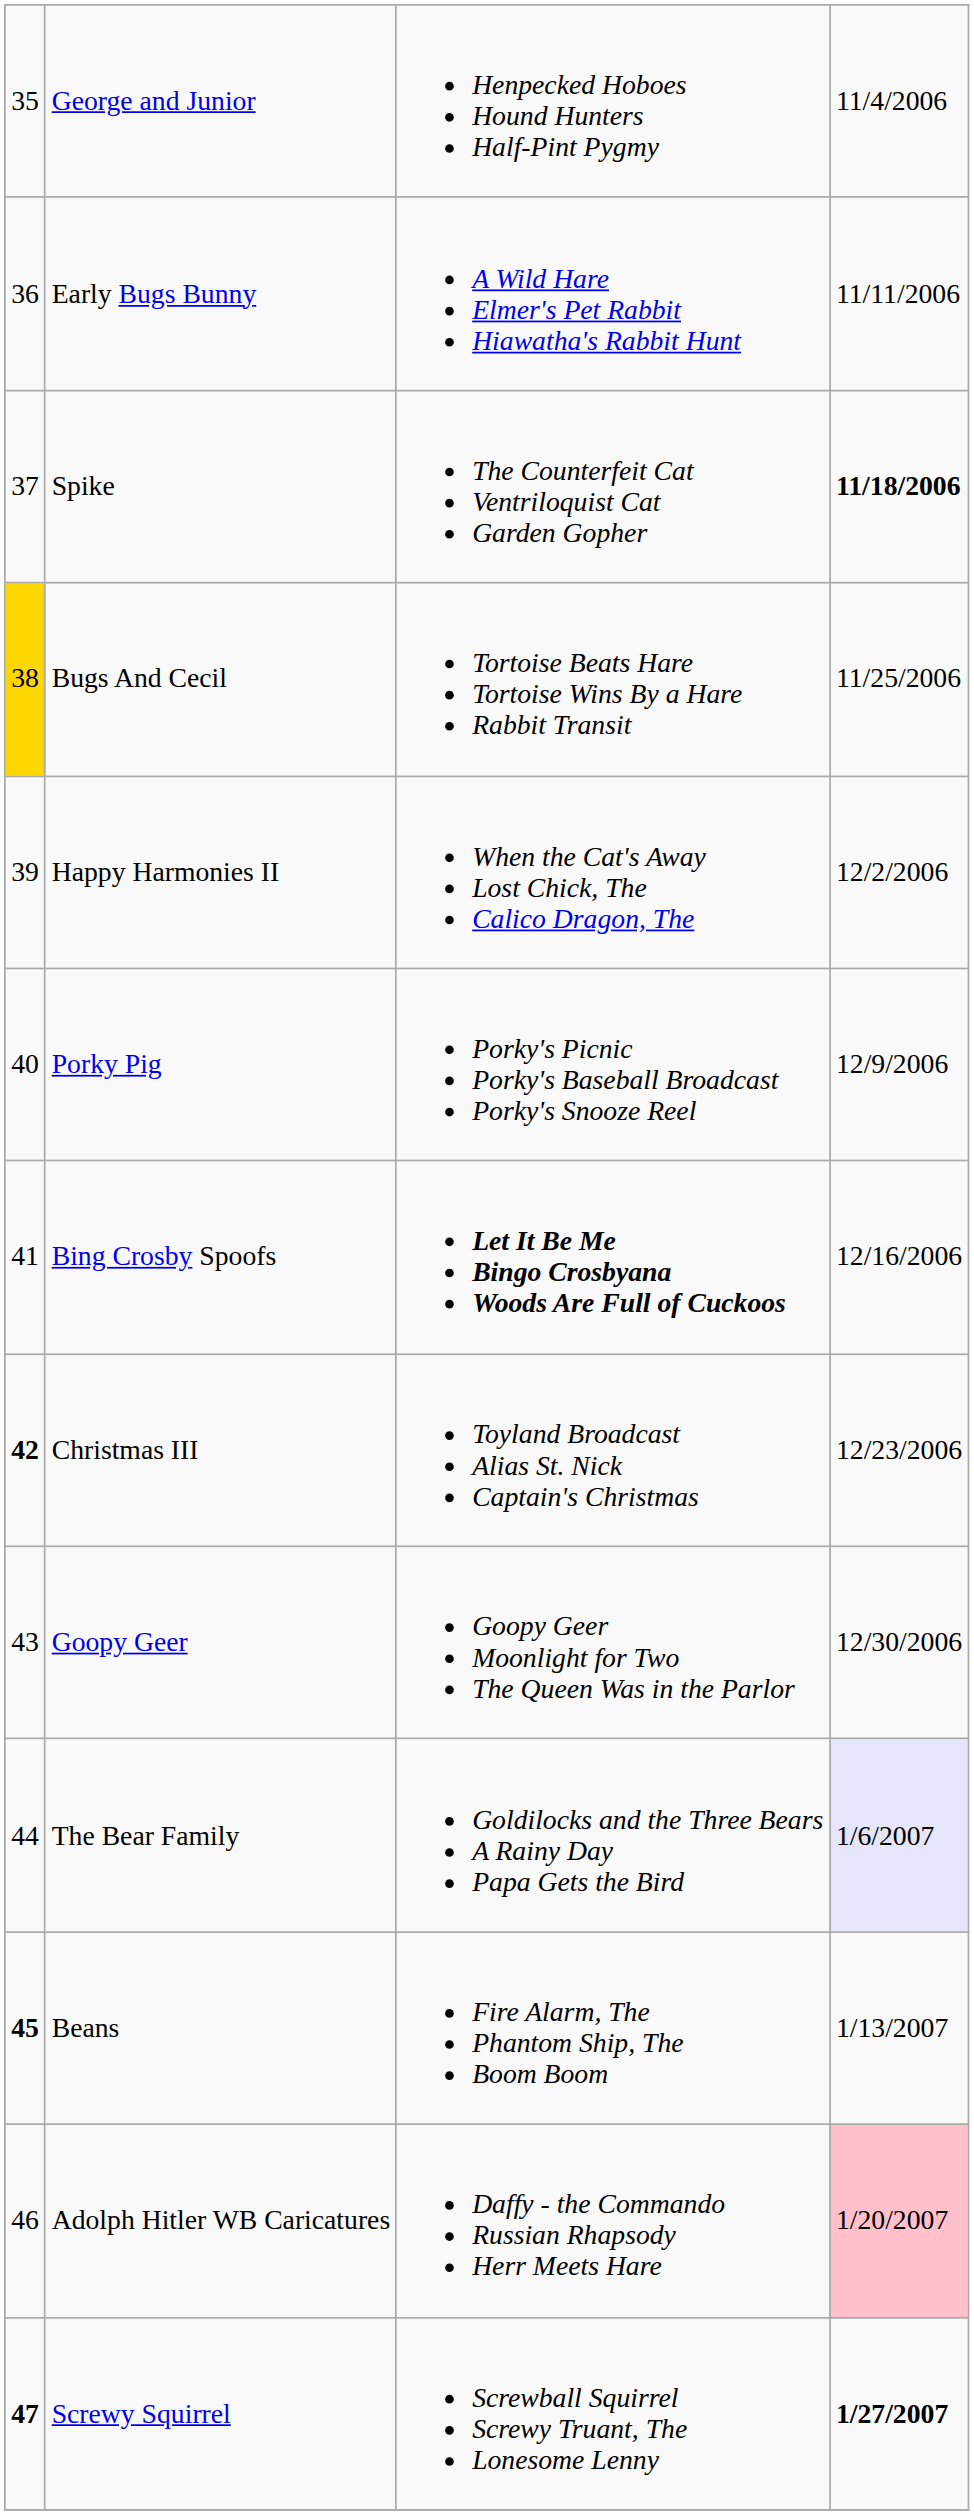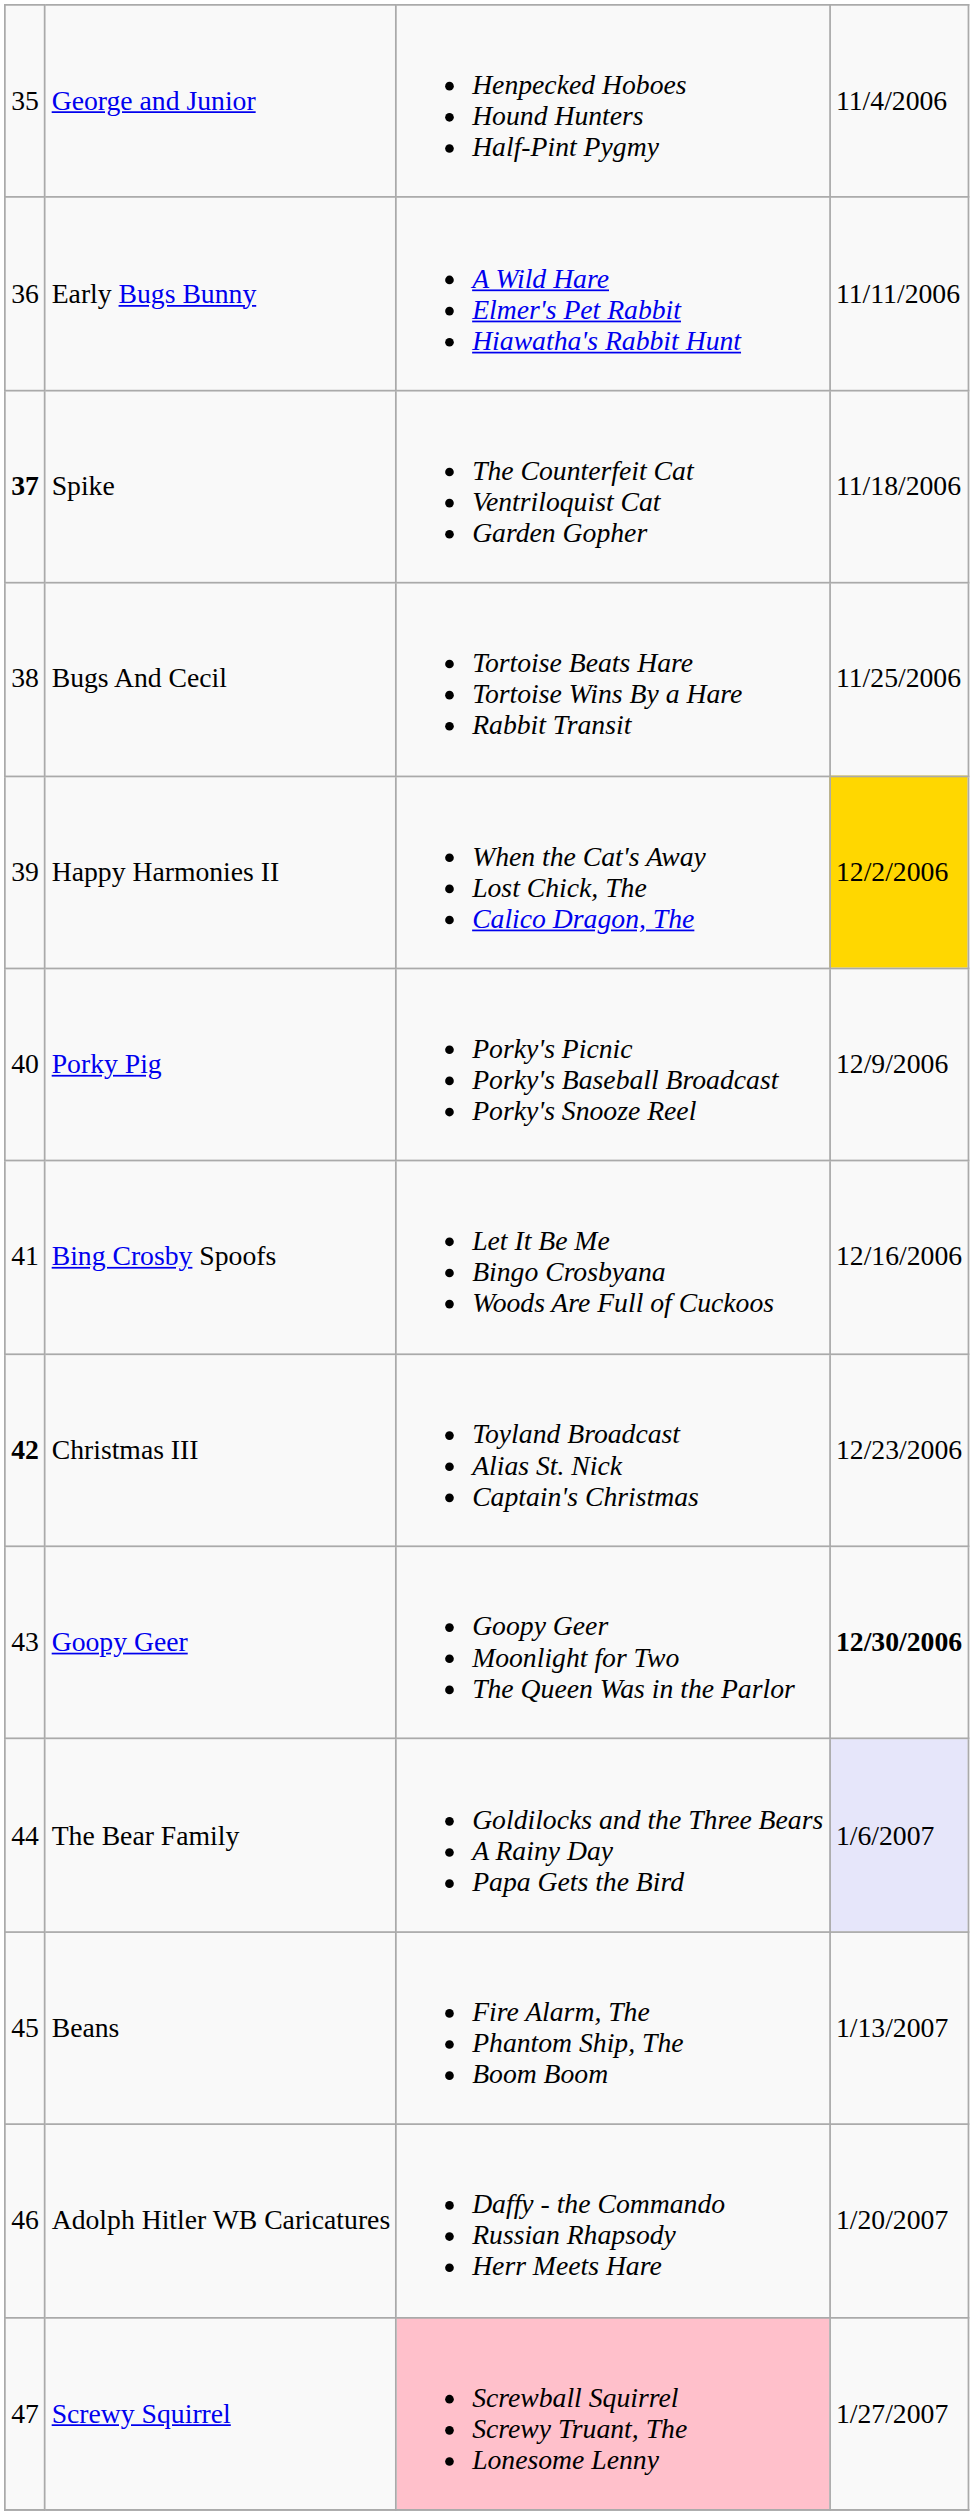 <table class="wikitable">
 <tr>
 <td>35</td>
 <td><a href='#'>George and Junior</a></td>
 <td><br><ul><li><em>Henpecked Hoboes</em></li><li><em>Hound Hunters</em></li><li><em>Half-Pint Pygmy</em></li></ul></td>
 <td>11/4/2006</td>
 </tr>
 <tr>
 <td>36</td>
 <td>Early <a href='#'>Bugs Bunny</a></td>
 <td><br><ul><li><em><a href='#'>A Wild Hare</a></em></li><li><em><a href='#'>Elmer's Pet Rabbit</a></em></li><li><em><a href='#'>Hiawatha's Rabbit Hunt</a></em></li></ul></td>
 <td>11/11/2006</td>
 </tr>
 <tr>
-<td>37</td>
+<td><strong>37</strong></td>
 <td>Spike</td>
 <td><br><ul><li><em>The Counterfeit Cat</em></li><li><em>Ventriloquist Cat</em></li><li><em>Garden Gopher</em></li></ul></td>
-<td><strong>11/18/2006</strong></td>
+<td>11/18/2006</td>
 </tr>
 <tr>
-<td style="background: gold;">38</td>
+<td>38</td>
 <td>Bugs And Cecil</td>
 <td><br><ul><li><em>Tortoise Beats Hare</em></li><li><em>Tortoise Wins By a Hare</em></li><li><em>Rabbit Transit</em></li></ul></td>
 <td>11/25/2006</td>
 </tr>
 <tr>
 <td>39</td>
 <td>Happy Harmonies II</td>
 <td><br><ul><li><em>When the Cat's Away</em></li><li><em>Lost Chick, The</em></li><li><em><a href='#'>Calico Dragon, The</a></em></li></ul></td>
-<td>12/2/2006</td>
+<td style="background: gold;">12/2/2006</td>
 </tr>
 <tr>
 <td>40</td>
 <td><a href='#'>Porky Pig</a></td>
 <td><br><ul><li><em>Porky's Picnic</em></li><li><em>Porky's Baseball Broadcast</em></li><li><em>Porky's Snooze Reel</em></li></ul></td>
 <td>12/9/2006</td>
 </tr>
 <tr>
 <td>41</td>
 <td><a href='#'>Bing Crosby</a> Spoofs</td>
-<td><strong><br><ul><li><em>Let It Be Me</em></li><li><em>Bingo Crosbyana</em></li><li><em>Woods Are Full of Cuckoos</em></li></ul></strong></td>
+<td><br><ul><li><em>Let It Be Me</em></li><li><em>Bingo Crosbyana</em></li><li><em>Woods Are Full of Cuckoos</em></li></ul></td>
 <td>12/16/2006</td>
 </tr>
 <tr>
 <td><strong>42</strong></td>
 <td>Christmas III</td>
 <td><br><ul><li><em>Toyland Broadcast</em></li><li><em>Alias St. Nick</em></li><li><em>Captain's Christmas</em></li></ul></td>
 <td>12/23/2006</td>
 </tr>
 <tr>
 <td>43</td>
 <td><a href='#'>Goopy Geer</a></td>
 <td><br><ul><li><em>Goopy Geer</em></li><li><em>Moonlight for Two</em></li><li><em>The Queen Was in the Parlor</em></li></ul></td>
-<td>12/30/2006</td>
+<td><strong>12/30/2006</strong></td>
 </tr>
 <tr>
 <td>44</td>
 <td>The Bear Family</td>
 <td><br><ul><li><em>Goldilocks and the Three Bears</em></li><li><em>A Rainy Day</em></li><li><em>Papa Gets the Bird</em></li></ul></td>
 <td style="background: lavender;">1/6/2007</td>
 </tr>
 <tr>
-<td><strong>45</strong></td>
+<td>45</td>
 <td>Beans</td>
 <td><br><ul><li><em>Fire Alarm, The</em></li><li><em>Phantom Ship, The</em></li><li><em>Boom Boom</em></li></ul></td>
 <td>1/13/2007</td>
 </tr>
 <tr>
 <td>46</td>
 <td>Adolph Hitler WB Caricatures</td>
 <td><br><ul><li><em>Daffy - the Commando</em></li><li><em>Russian Rhapsody</em></li><li><em>Herr Meets Hare</em></li></ul></td>
-<td style="background: pink;">1/20/2007</td>
+<td>1/20/2007</td>
 </tr>
 <tr>
-<td><strong>47</strong></td>
+<td>47</td>
 <td><a href='#'>Screwy Squirrel</a></td>
-<td><br><ul><li><em>Screwball Squirrel</em></li><li><em>Screwy Truant, The</em></li><li><em>Lonesome Lenny</em></li></ul></td>
-<td><strong>1/27/2007</strong></td>
+<td style="background: pink;"><br><ul><li><em>Screwball Squirrel</em></li><li><em>Screwy Truant, The</em></li><li><em>Lonesome Lenny</em></li></ul></td>
+<td>1/27/2007</td>
 </tr>
 <tr>
 </tr>
 </table>
